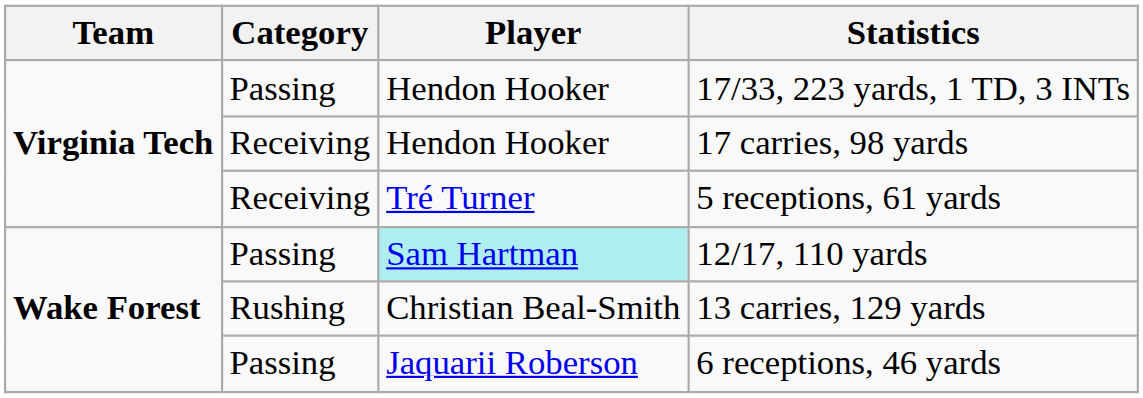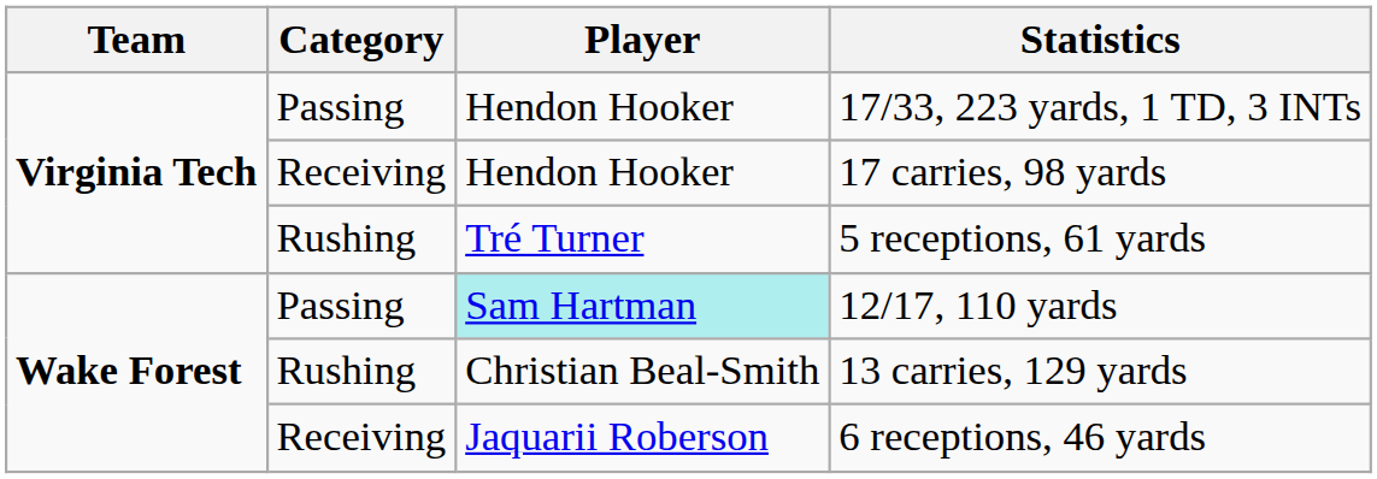 <table class="wikitable" style="float: left;">
 <tr>
 <th>Team</th>
 <th>Category</th>
 <th>Player</th>
 <th>Statistics</th>
 </tr>
 <tr>
 <td rowspan=3><strong>Virginia Tech</strong></td>
 <td>Passing</td>
 <td>Hendon Hooker</td>
 <td>17/33, 223 yards, 1 TD, 3 INTs</td>
 </tr>
 <tr>
 <td>Receiving</td>
 <td>Hendon Hooker</td>
 <td>17 carries, 98 yards</td>
 </tr>
 <tr>
-<td>Receiving</td>
+<td>Rushing</td>
 <td><a href='#'>Tré Turner</a></td>
 <td>5 receptions, 61 yards</td>
 </tr>
 <tr>
 <td rowspan=3><strong>Wake Forest</strong></td>
 <td>Passing</td>
 <td style="background: paleturquoise;"><a href='#'>Sam Hartman</a></td>
 <td>12/17, 110 yards</td>
 </tr>
 <tr>
 <td>Rushing</td>
 <td>Christian Beal-Smith</td>
 <td>13 carries, 129 yards</td>
 </tr>
 <tr>
-<td>Passing</td>
+<td>Receiving</td>
 <td><a href='#'>Jaquarii Roberson</a></td>
 <td>6 receptions, 46 yards</td>
 </tr>
 </table>
